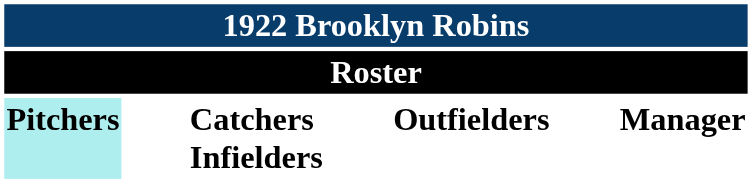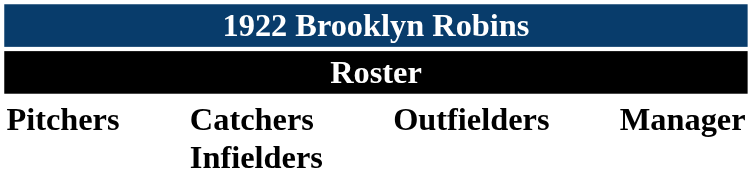 <table class="toccolours" style="font-size: 95%;">
 <tr>
 <th colspan="10" style="background-color: #083c6b; color: white; text-align: center;">1922 Brooklyn Robins</th>
 </tr>
 <tr>
 <td colspan="10" style="background-color: black; color: white; text-align: center;"><strong>Roster</strong></td>
 </tr>
 <tr>
-<td valign="top" style="background: paleturquoise;"><strong>Pitchers</strong><br>          </td>
+<td valign="top"><strong>Pitchers</strong><br>          </td>
 <td width="25px"></td>
 <td valign="top"><strong>Catchers</strong><br>    <strong>Infielders</strong>         </td>
 <td width="25px"></td>
 <td valign="top"><strong>Outfielders</strong><br>      </td>
 <td width="25px"></td>
 <td valign="top"><strong>Manager</strong><br></td>
 </tr>
 </table>
